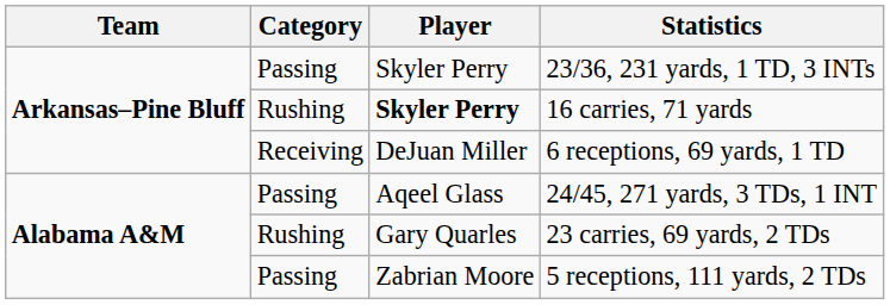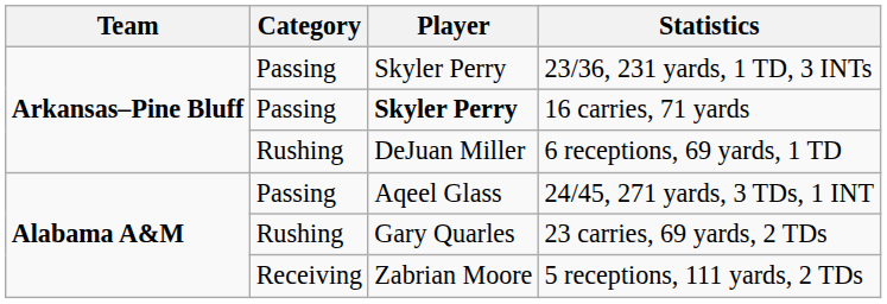 <table class="wikitable" style="float: left;">
 <tr>
 <th>Team</th>
 <th>Category</th>
 <th>Player</th>
 <th>Statistics</th>
 </tr>
 <tr>
 <td rowspan=3><strong>Arkansas–Pine Bluff</strong></td>
 <td>Passing</td>
 <td>Skyler Perry</td>
 <td>23/36, 231 yards, 1 TD, 3 INTs</td>
 </tr>
 <tr>
-<td>Rushing</td>
+<td>Passing</td>
 <td><strong>Skyler Perry</strong></td>
 <td>16 carries, 71 yards</td>
 </tr>
 <tr>
-<td>Receiving</td>
+<td>Rushing</td>
 <td>DeJuan Miller</td>
 <td>6 receptions, 69 yards, 1 TD</td>
 </tr>
 <tr>
 <td rowspan=3><strong>Alabama A&M</strong></td>
 <td>Passing</td>
 <td>Aqeel Glass</td>
 <td>24/45, 271 yards, 3 TDs, 1 INT</td>
 </tr>
 <tr>
 <td>Rushing</td>
 <td>Gary Quarles</td>
 <td>23 carries, 69 yards, 2 TDs</td>
 </tr>
 <tr>
-<td>Passing</td>
+<td>Receiving</td>
 <td>Zabrian Moore</td>
 <td>5 receptions, 111 yards, 2 TDs</td>
 </tr>
 </table>
